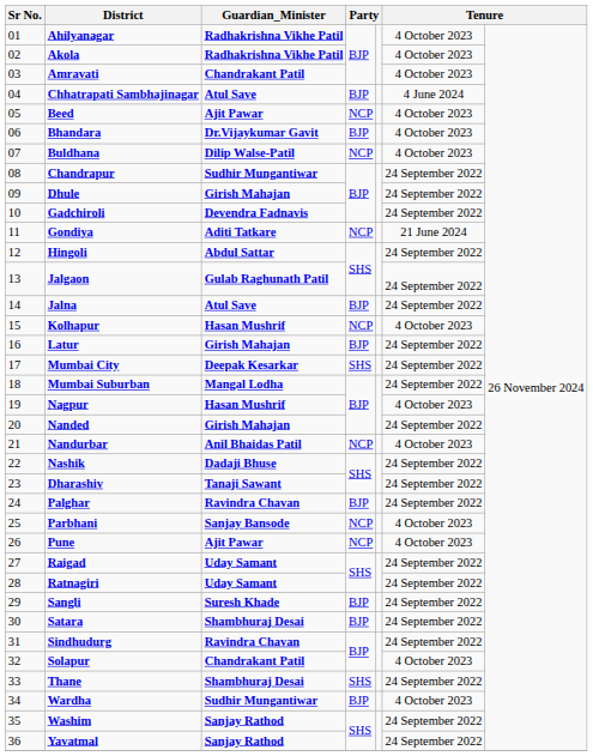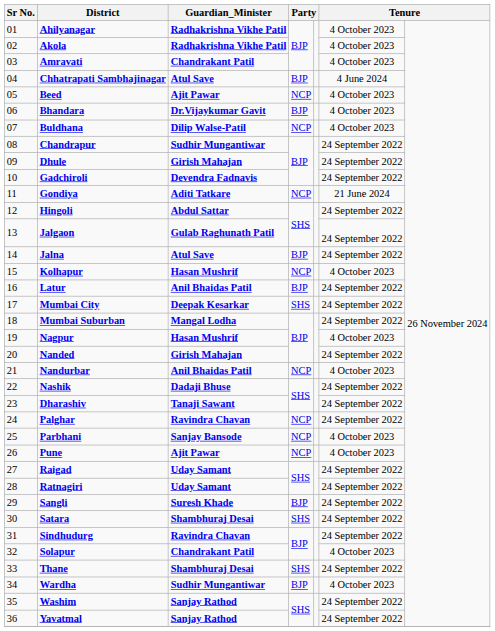 <table class="wikitable">
 <tr>
 <th>Sr No.</th>
 <th>District</th>
 <th>Guardian_Minister</th>
 <th colspan="2" scope="col">Party</th>
 <th colspan="2" scope="col">Tenure</th>
 </tr>
 <tr>
 <td>01</td>
 <td><strong><a href='#'>Ahilyanagar</a></strong></td>
 <td><strong><a href='#'>Radhakrishna Vikhe Patil</a></strong></td>
 <td rowspan=3><a href='#'>BJP</a></td>
 <td rowspan=3 style="width:1px; background-color: "></td>
 <td style="text-align:center;">4 October 2023</td>
 <td rowspan="36" style="text-align:center;">26 November 2024</td>
 </tr>
 <tr>
 <td>02</td>
 <td><strong><a href='#'>Akola</a></strong></td>
 <td><strong><a href='#'>Radhakrishna Vikhe Patil</a></strong></td>
 <td style="text-align:center;">4 October 2023</td>
 </tr>
 <tr>
 <td>03</td>
 <td><strong><a href='#'>Amravati</a></strong></td>
 <td><strong><a href='#'>Chandrakant Patil</a></strong></td>
 <td style="text-align:center;">4 October 2023</td>
 </tr>
 <tr>
 <td>04</td>
 <td><strong><a href='#'>Chhatrapati Sambhajinagar</a></strong></td>
 <td><strong><a href='#'>Atul Save</a></strong><br></td>
 <td><a href='#'>BJP</a></td>
 <td style="width:1px; background-color: "></td>
 <td style="text-align:center;">4 June 2024</td>
 </tr>
 <tr>
 <td>05</td>
 <td><strong><a href='#'>Beed</a></strong></td>
 <td><strong><a href='#'>Ajit Pawar</a></strong></td>
 <td><a href='#'>NCP</a></td>
 <td style="width:1px; background-color: "></td>
 <td style="text-align:center;">4 October 2023</td>
 </tr>
 <tr>
 <td>06</td>
 <td><strong><a href='#'>Bhandara</a></strong></td>
 <td><strong><a href='#'>Dr.Vijaykumar Gavit</a></strong></td>
 <td><a href='#'>BJP</a></td>
 <td style="width:1px; background-color: "></td>
 <td style="text-align:center;">4 October 2023</td>
 </tr>
 <tr>
 <td>07</td>
 <td><strong><a href='#'>Buldhana</a></strong></td>
 <td><strong><a href='#'>Dilip Walse-Patil</a></strong></td>
 <td><a href='#'>NCP</a></td>
 <td style="width:1px; background-color: "></td>
 <td style="text-align:center;">4 October 2023</td>
 </tr>
 <tr>
 <td>08</td>
 <td><strong><a href='#'>Chandrapur</a></strong></td>
 <td><strong><a href='#'>Sudhir Mungantiwar</a></strong></td>
 <td rowspan=3><a href='#'>BJP</a></td>
 <td rowspan=3 style="width:1px; background-color: "></td>
 <td style="text-align:center;">24 September 2022</td>
 </tr>
 <tr>
 <td>09</td>
 <td><strong><a href='#'>Dhule</a></strong></td>
 <td><strong><a href='#'>Girish Mahajan</a></strong></td>
 <td style="text-align:center;">24 September 2022</td>
 </tr>
 <tr>
 <td>10</td>
 <td><strong><a href='#'>Gadchiroli</a></strong></td>
 <td><strong><a href='#'>Devendra Fadnavis</a></strong><br></td>
 <td style="text-align:center;">24 September 2022</td>
 </tr>
 <tr>
 <td>11</td>
 <td><strong><a href='#'>Gondiya</a></strong></td>
 <td><strong><a href='#'>Aditi Tatkare</a></strong></td>
 <td><a href='#'>NCP</a></td>
 <td style="width:1px; background-color: "></td>
 <td style="text-align:center;">21 June 2024</td>
 </tr>
 <tr>
 <td>12</td>
 <td><strong><a href='#'>Hingoli</a></strong></td>
 <td><strong><a href='#'>Abdul Sattar</a></strong></td>
 <td rowspan=2><a href='#'>SHS</a></td>
 <td rowspan=2 style="width:1px; background-color: "></td>
 <td style="text-align:center;">24 September 2022</td>
 </tr>
 <tr>
 <td>13</td>
 <td><strong><a href='#'>Jalgaon</a></strong></td>
 <td><strong><a href='#'>Gulab Raghunath Patil</a></strong></td>
 <td style="text-align:center;"><br>24 September 2022</td>
 </tr>
 <tr>
 <td>14</td>
 <td><strong><a href='#'>Jalna</a></strong></td>
 <td><strong><a href='#'>Atul Save</a></strong></td>
 <td><a href='#'>BJP</a></td>
 <td style="width:1px; background-color: "></td>
 <td style="text-align:center;">24 September 2022</td>
 </tr>
 <tr>
 <td>15</td>
 <td><strong><a href='#'>Kolhapur</a></strong></td>
 <td><strong><a href='#'>Hasan Mushrif</a></strong></td>
 <td><a href='#'>NCP</a></td>
 <td style="width:1px; background-color: "></td>
 <td style="text-align:center;">4 October 2023</td>
 </tr>
 <tr>
 <td>16</td>
 <td><strong><a href='#'>Latur</a></strong></td>
-<td><strong><a href='#'>Girish Mahajan</a></strong></td>
+<td><strong><a href='#'>Anil Bhaidas Patil</a></strong></td>
 <td><a href='#'>BJP</a></td>
 <td style="width:1px; background-color: "></td>
 <td style="text-align:center;">24 September 2022</td>
 </tr>
 <tr>
 <td>17</td>
 <td><strong><a href='#'>Mumbai City</a></strong></td>
 <td><strong><a href='#'>Deepak Kesarkar</a></strong></td>
 <td><a href='#'>SHS</a></td>
 <td style="width:1px; background-color: "></td>
 <td style="text-align:center;">24 September 2022</td>
 </tr>
 <tr>
 <td>18</td>
 <td><strong><a href='#'>Mumbai Suburban</a></strong></td>
 <td><strong><a href='#'>Mangal Lodha</a></strong></td>
 <td rowspan=3><a href='#'>BJP</a></td>
 <td rowspan=3 style="width:1px; background-color: "></td>
 <td style="text-align:center;">24 September 2022</td>
 </tr>
 <tr>
 <td>19</td>
 <td><strong><a href='#'>Nagpur</a></strong></td>
 <td><strong><a href='#'>Hasan Mushrif</a></strong></td>
 <td style="text-align:center;">4 October 2023</td>
 </tr>
 <tr>
 <td>20</td>
 <td><strong><a href='#'>Nanded</a></strong></td>
 <td><strong><a href='#'>Girish Mahajan</a></strong></td>
 <td style="text-align:center;">24 September 2022</td>
 </tr>
 <tr>
 <td>21</td>
 <td><strong><a href='#'>Nandurbar</a></strong></td>
 <td><strong><a href='#'>Anil Bhaidas Patil</a></strong></td>
 <td><a href='#'>NCP</a></td>
 <td style="width:1px; background-color: "></td>
 <td style="text-align:center;">4 October 2023</td>
 </tr>
 <tr>
 <td>22</td>
 <td><strong><a href='#'>Nashik</a></strong></td>
 <td><strong><a href='#'>Dadaji Bhuse</a></strong></td>
 <td rowspan= 2><a href='#'>SHS</a></td>
 <td rowspan=2 style="width:1px; background-color: "></td>
 <td style="text-align:center;">24 September 2022</td>
 </tr>
 <tr>
 <td>23</td>
 <td><strong><a href='#'>Dharashiv</a></strong></td>
 <td><strong><a href='#'>Tanaji Sawant</a></strong></td>
 <td style="text-align:center;">24 September 2022</td>
 </tr>
 <tr>
 <td>24</td>
 <td><strong><a href='#'>Palghar</a></strong></td>
 <td><strong><a href='#'>Ravindra Chavan</a></strong></td>
-<td><a href='#'>BJP</a></td>
+<td><a href='#'>NCP</a></td>
 <td style="width:1px; background-color: "></td>
 <td style="text-align:center;">24 September 2022</td>
 </tr>
 <tr>
 <td>25</td>
 <td><strong><a href='#'>Parbhani</a></strong></td>
 <td><strong><a href='#'>Sanjay Bansode</a></strong></td>
 <td><a href='#'>NCP</a></td>
 <td style="width:1px; background-color: "></td>
 <td style="text-align:center;">4 October 2023</td>
 </tr>
 <tr>
 <td>26</td>
 <td><strong><a href='#'>Pune</a></strong></td>
 <td><strong><a href='#'>Ajit Pawar</a></strong><br></td>
 <td><a href='#'>NCP</a></td>
 <td style="width:1px; background-color: "></td>
 <td style="text-align:center;">4 October 2023</td>
 </tr>
 <tr>
 <td>27</td>
 <td><strong><a href='#'>Raigad</a></strong></td>
 <td><strong><a href='#'>Uday Samant</a></strong></td>
 <td rowspan=2><a href='#'>SHS</a></td>
 <td rowspan=2 style="width:1px; background-color: "></td>
 <td style="text-align:center;">24 September 2022</td>
 </tr>
 <tr>
 <td>28</td>
 <td><strong><a href='#'>Ratnagiri</a></strong></td>
 <td><strong><a href='#'>Uday Samant</a></strong></td>
 <td style="text-align:center;">24 September 2022</td>
 </tr>
 <tr>
 <td>29</td>
 <td><strong><a href='#'>Sangli</a></strong></td>
 <td><strong><a href='#'>Suresh Khade</a></strong></td>
 <td><a href='#'>BJP</a></td>
 <td style="width:1px; background-color: "></td>
 <td style="text-align:center;">24 September 2022</td>
 </tr>
 <tr>
 <td>30</td>
 <td><strong><a href='#'>Satara</a></strong></td>
 <td><strong><a href='#'>Shambhuraj Desai</a></strong></td>
-<td><a href='#'>BJP</a></td>
+<td><a href='#'>SHS</a></td>
 <td style="width:1px; background-color: "></td>
 <td style="text-align:center;">24 September 2022</td>
 </tr>
 <tr>
 <td>31</td>
 <td><strong><a href='#'>Sindhudurg</a></strong></td>
 <td><strong><a href='#'>Ravindra Chavan</a></strong></td>
 <td rowspan=2><a href='#'>BJP</a></td>
 <td rowspan=2 style="width:1px; background-color: "></td>
 <td style="text-align:center;">24 September 2022</td>
 </tr>
 <tr>
 <td>32</td>
 <td><strong><a href='#'>Solapur</a></strong></td>
 <td><strong><a href='#'>Chandrakant Patil</a></strong></td>
 <td style="text-align:center;">4 October 2023</td>
 </tr>
 <tr>
 <td>33</td>
 <td><strong><a href='#'>Thane</a></strong></td>
 <td><strong><a href='#'>Shambhuraj Desai</a></strong></td>
 <td><a href='#'>SHS</a></td>
 <td style="width:1px; background-color: "></td>
 <td style="text-align:center;">24 September 2022</td>
 </tr>
 <tr>
 <td>34</td>
 <td><strong><a href='#'>Wardha</a></strong></td>
 <td><strong><a href='#'>Sudhir Mungantiwar</a></strong></td>
 <td><a href='#'>BJP</a></td>
 <td style="width:1px; background-color: "></td>
 <td style="text-align:center;">4 October 2023</td>
 </tr>
 <tr>
 <td>35</td>
 <td><strong><a href='#'>Washim</a></strong></td>
 <td><strong><a href='#'>Sanjay Rathod</a></strong></td>
 <td rowspan=2><a href='#'>SHS</a></td>
 <td rowspan=2 style="width:1px; background-color: "></td>
 <td style="text-align:center;">24 September 2022</td>
 </tr>
 <tr>
 <td>36</td>
 <td><strong><a href='#'>Yavatmal</a></strong></td>
 <td><strong><a href='#'>Sanjay Rathod</a></strong></td>
 <td style="text-align:center;">24 September 2022</td>
 </tr>
 <tr>
 </tr>
 </table>
